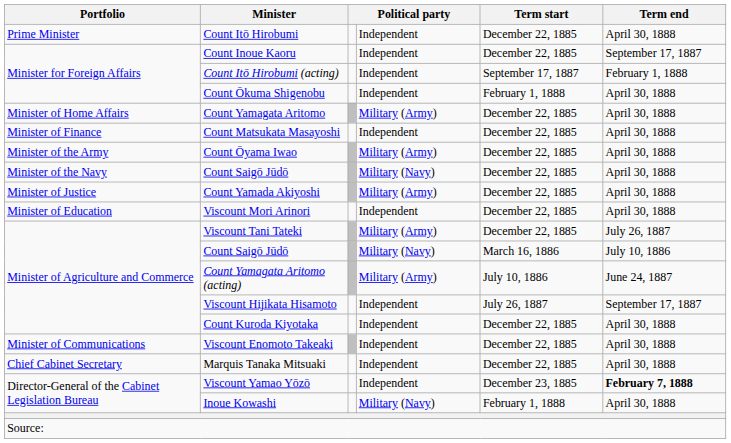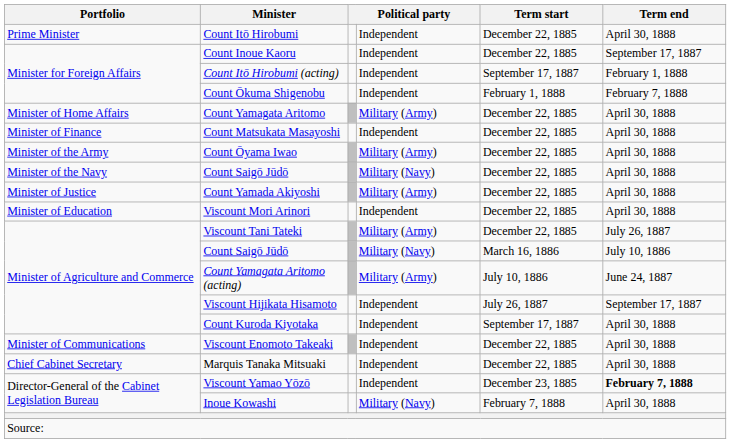 <table class="wikitable" style="font-size: 90%;">
 <tr>
 <th width="20%" scope="col">Portfolio</th>
 <th width="15%" scope="col">Minister</th>
 <th colspan="2" width="13.5%" scope="col">Political party</th>
 <th width="12.5%" scope="col">Term start</th>
 <th width="12.5%" scope="col">Term end</th>
 </tr>
 <tr>
 <td style="text-align: left;"><a href='#'>Prime Minister</a></td>
 <td><a href='#'>Count Itō Hirobumi</a></td>
 <td style="color:inherit;background:"></td>
 <td>Independent</td>
 <td>December 22, 1885</td>
 <td>April 30, 1888</td>
 </tr>
 <tr>
 <td rowspan="3"><a href='#'>Minister for Foreign Affairs</a></td>
 <td><a href='#'>Count Inoue Kaoru</a></td>
 <td style="color:inherit;background:"></td>
 <td>Independent</td>
 <td>December 22, 1885</td>
 <td>September 17, 1887</td>
 </tr>
 <tr>
 <td><em><a href='#'>Count Itō Hirobumi</a> (acting)</em></td>
 <td style="color:inherit;background:"></td>
 <td>Independent</td>
 <td>September 17, 1887</td>
 <td>February 1, 1888</td>
 </tr>
 <tr>
 <td><a href='#'>Count Ōkuma Shigenobu</a></td>
 <td style="color:inherit;background:"></td>
 <td>Independent</td>
 <td>February 1, 1888</td>
-<td>April 30, 1888</td>
+<td>February 7, 1888</td>
 </tr>
 <tr>
 <td><a href='#'>Minister of Home Affairs</a></td>
 <td><a href='#'>Count Yamagata Aritomo</a></td>
 <td style="color:inherit;background:#bfbfbf"></td>
 <td><a href='#'>Military</a> (<a href='#'>Army</a>)</td>
 <td>December 22, 1885</td>
 <td>April 30, 1888</td>
 </tr>
 <tr>
 <td><a href='#'>Minister of Finance</a></td>
 <td><a href='#'>Count Matsukata Masayoshi</a></td>
 <td style="color:inherit;background:"></td>
 <td>Independent</td>
 <td>December 22, 1885</td>
 <td>April 30, 1888</td>
 </tr>
 <tr>
 <td><a href='#'>Minister of the Army</a></td>
 <td><a href='#'>Count Ōyama Iwao</a></td>
 <td style="color:inherit;background:#bfbfbf"></td>
 <td><a href='#'>Military</a> (<a href='#'>Army</a>)</td>
 <td>December 22, 1885</td>
 <td>April 30, 1888</td>
 </tr>
 <tr>
 <td><a href='#'>Minister of the Navy</a></td>
 <td><a href='#'>Count Saigō Jūdō</a></td>
 <td style="color:inherit;background:#bfbfbf"></td>
 <td><a href='#'>Military</a> (<a href='#'>Navy</a>)</td>
 <td>December 22, 1885</td>
 <td>April 30, 1888</td>
 </tr>
 <tr>
 <td><a href='#'>Minister of Justice</a></td>
 <td><a href='#'>Count Yamada Akiyoshi</a></td>
 <td style="color:inherit;background:#bfbfbf"></td>
 <td><a href='#'>Military</a> (<a href='#'>Army</a>)</td>
 <td>December 22, 1885</td>
 <td>April 30, 1888</td>
 </tr>
 <tr>
 <td><a href='#'>Minister of Education</a></td>
 <td><a href='#'>Viscount Mori Arinori</a></td>
 <td style="color:inherit;background:"></td>
 <td>Independent</td>
 <td>December 22, 1885</td>
 <td>April 30, 1888</td>
 </tr>
 <tr>
 <td rowspan="5"><a href='#'>Minister of Agriculture and Commerce</a></td>
 <td><a href='#'>Viscount Tani Tateki</a></td>
 <td style="color:inherit;background:#bfbfbf"></td>
 <td><a href='#'>Military</a> (<a href='#'>Army</a>)</td>
 <td>December 22, 1885</td>
 <td>July 26, 1887</td>
 </tr>
 <tr>
 <td><a href='#'>Count Saigō Jūdō</a></td>
 <td style="color:inherit;background:#bfbfbf"></td>
 <td><a href='#'>Military</a> (<a href='#'>Navy</a>)</td>
 <td>March 16, 1886</td>
 <td>July 10, 1886</td>
 </tr>
 <tr>
 <td><em><a href='#'>Count Yamagata Aritomo</a> (acting)</em></td>
 <td style="color:inherit;background:#bfbfbf"></td>
 <td><a href='#'>Military</a> (<a href='#'>Army</a>)</td>
 <td>July 10, 1886</td>
 <td>June 24, 1887</td>
 </tr>
 <tr>
 <td><a href='#'>Viscount Hijikata Hisamoto</a></td>
 <td style="color:inherit;background:"></td>
 <td>Independent</td>
 <td>July 26, 1887</td>
 <td>September 17, 1887</td>
 </tr>
 <tr>
 <td><a href='#'>Count Kuroda Kiyotaka</a></td>
 <td style="color:inherit;background:"></td>
 <td>Independent</td>
-<td>December 22, 1885</td>
+<td>September 17, 1887</td>
 <td>April 30, 1888</td>
 </tr>
 <tr>
 <td><a href='#'>Minister of Communications</a></td>
 <td><a href='#'>Viscount Enomoto Takeaki</a></td>
 <td style="color:inherit;background:#bfbfbf"></td>
 <td>Independent</td>
 <td>December 22, 1885</td>
 <td>April 30, 1888</td>
 </tr>
 <tr>
 <td><a href='#'>Chief Cabinet Secretary</a></td>
 <td>Marquis Tanaka Mitsuaki</td>
 <td style="color:inherit;background:"></td>
 <td>Independent</td>
 <td>December 22, 1885</td>
 <td>April 30, 1888</td>
 </tr>
 <tr>
 <td rowspan="2">Director-General of the <a href='#'>Cabinet Legislation Bureau</a></td>
 <td><a href='#'>Viscount Yamao Yōzō</a></td>
 <td style="color:inherit;background:"></td>
 <td>Independent</td>
 <td>December 23, 1885</td>
 <td><strong>February 7, 1888</strong></td>
 </tr>
 <tr>
 <td><a href='#'>Inoue Kowashi</a></td>
 <td style="color:inherit;background:"></td>
 <td><a href='#'>Military</a> (<a href='#'>Navy</a>)</td>
-<td>February 1, 1888</td>
+<td>February 7, 1888</td>
 <td>April 30, 1888</td>
 </tr>
 <tr>
 <th colspan="6"></th>
 </tr>
 <tr>
 <td colspan="6">Source:</td>
 </tr>
 </table>
